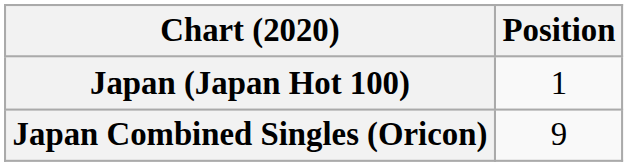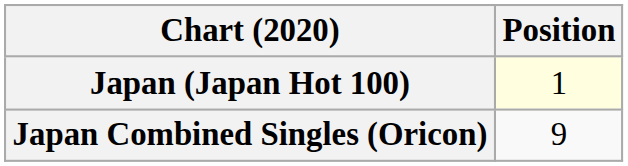 <table class="wikitable sortable plainrowheaders" style="text-align:center">
 <tr>
 <th scope="col">Chart (2020)</th>
 <th scope="col">Position</th>
 </tr>
 <tr>
 <th scope="row">Japan (Japan Hot 100)</th>
-<td>1</td>
+<td style="background: lightyellow;">1</td>
 </tr>
 <tr>
 <th scope="row">Japan Combined Singles (Oricon)</th>
 <td>9</td>
 </tr>
 </table>
